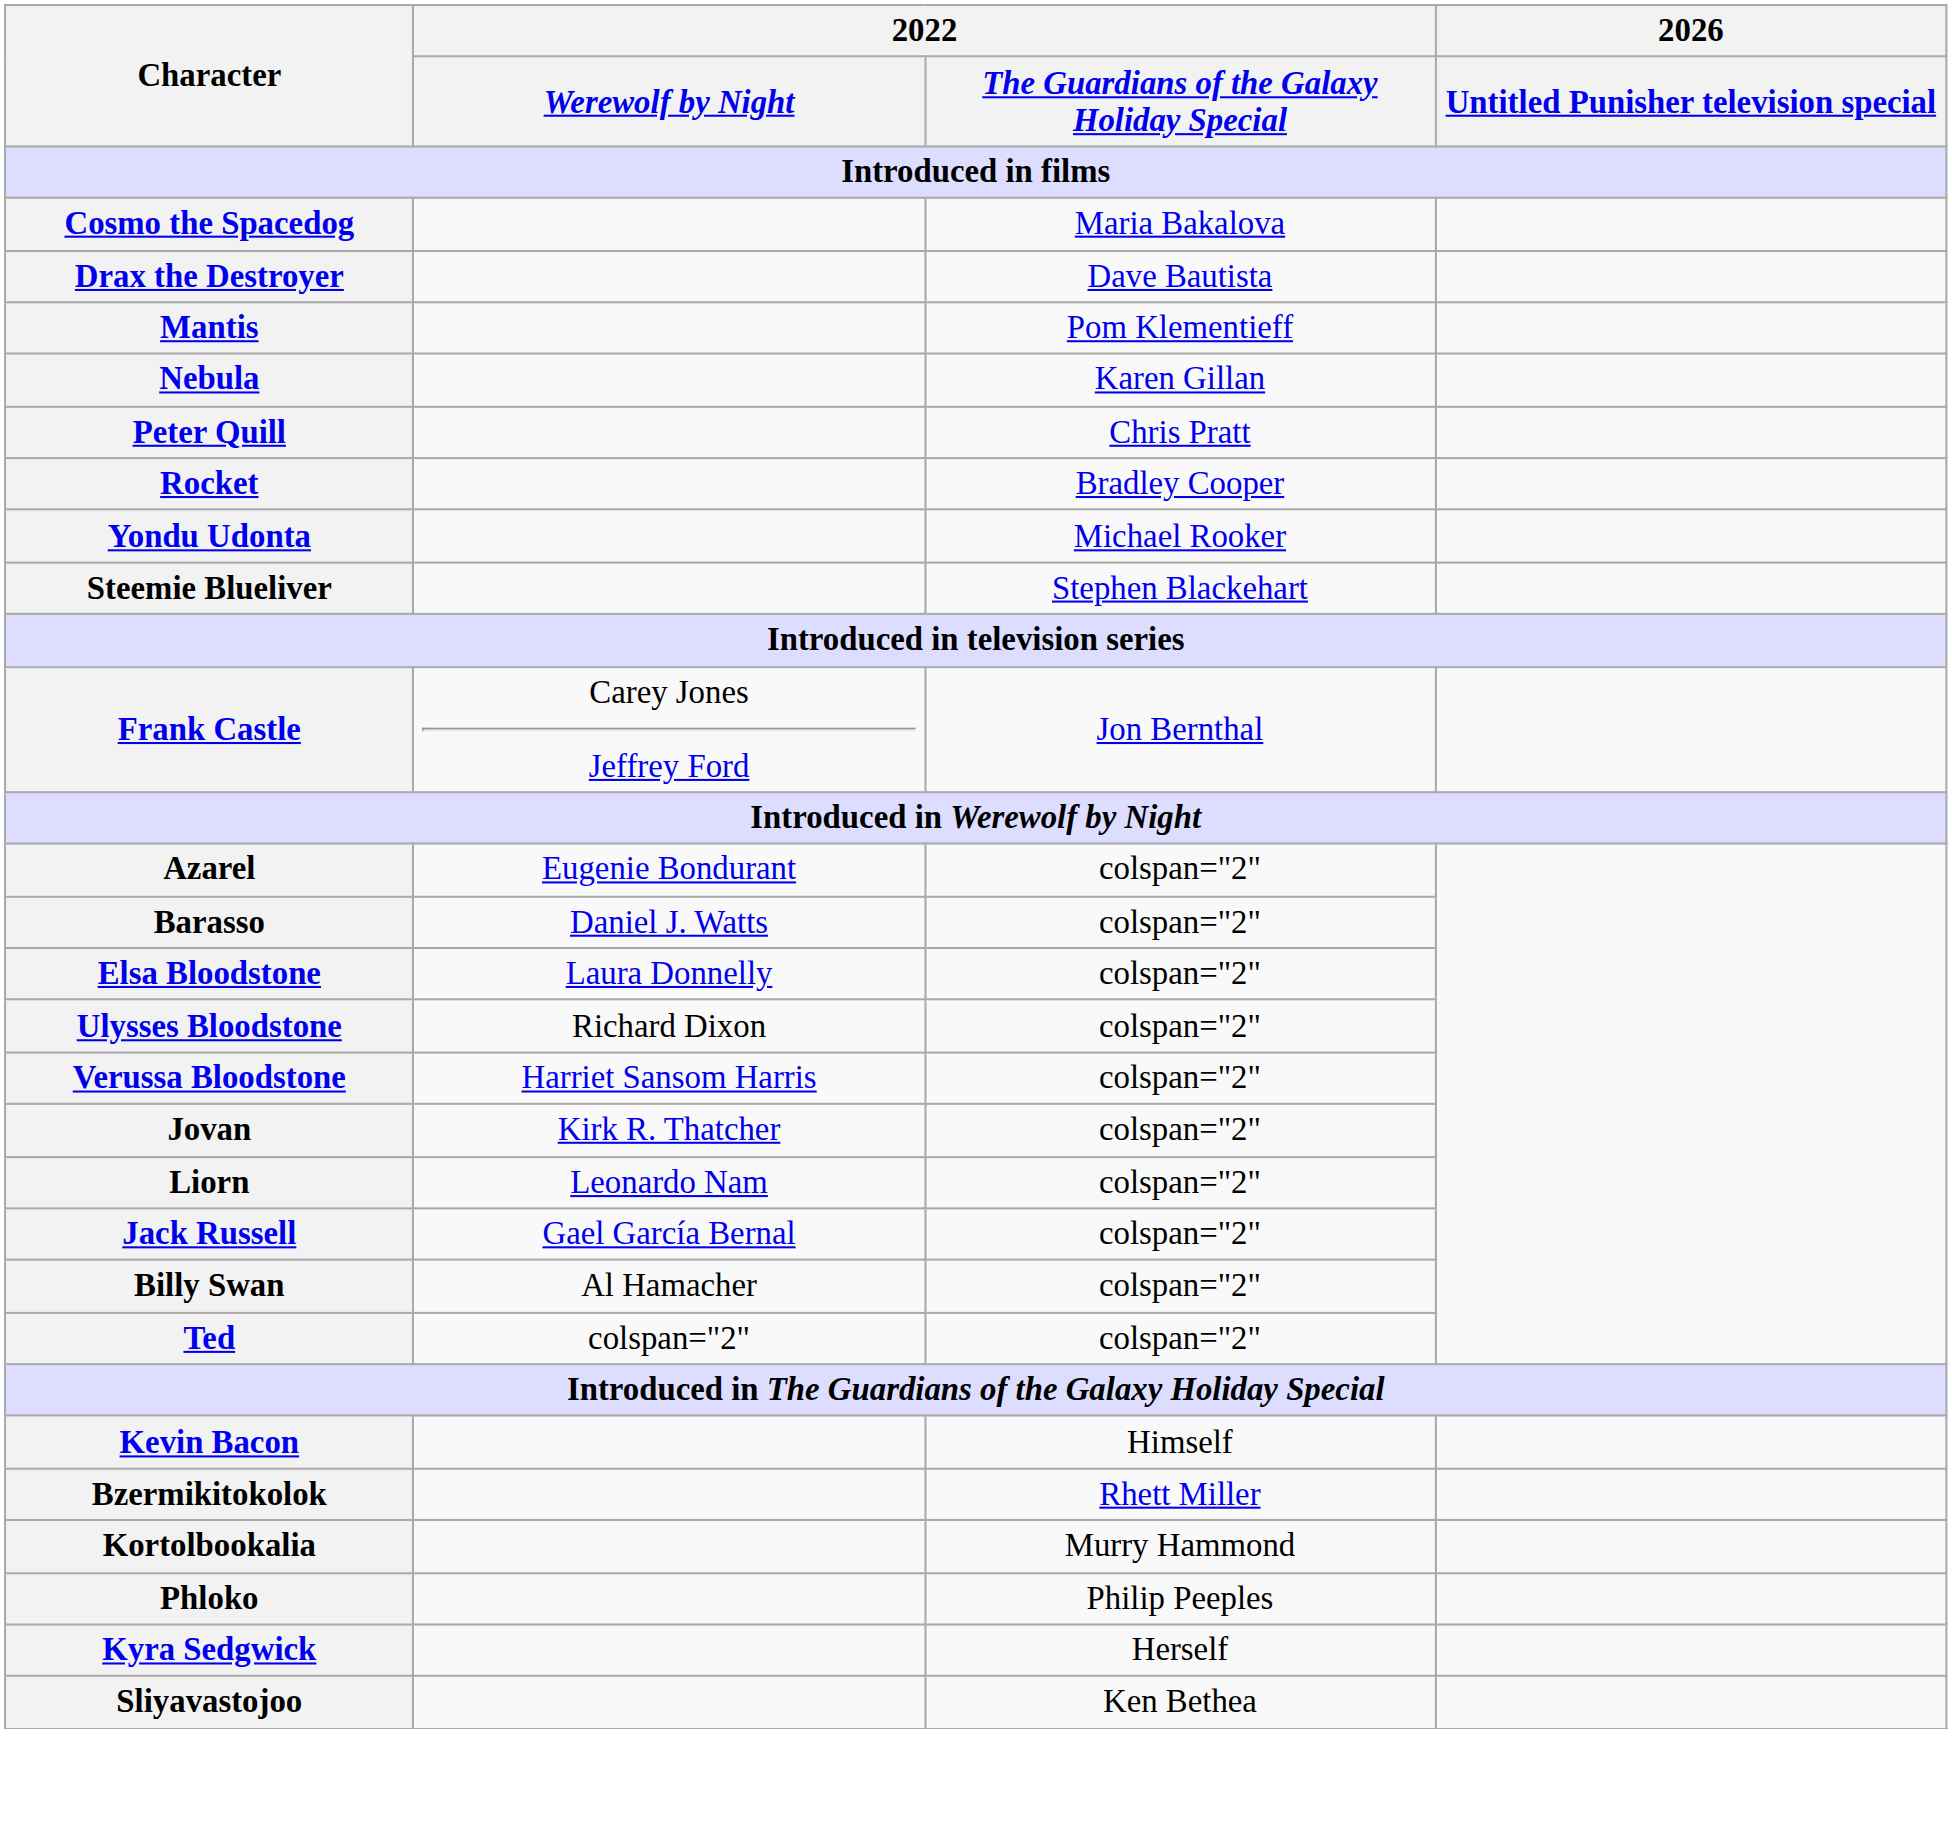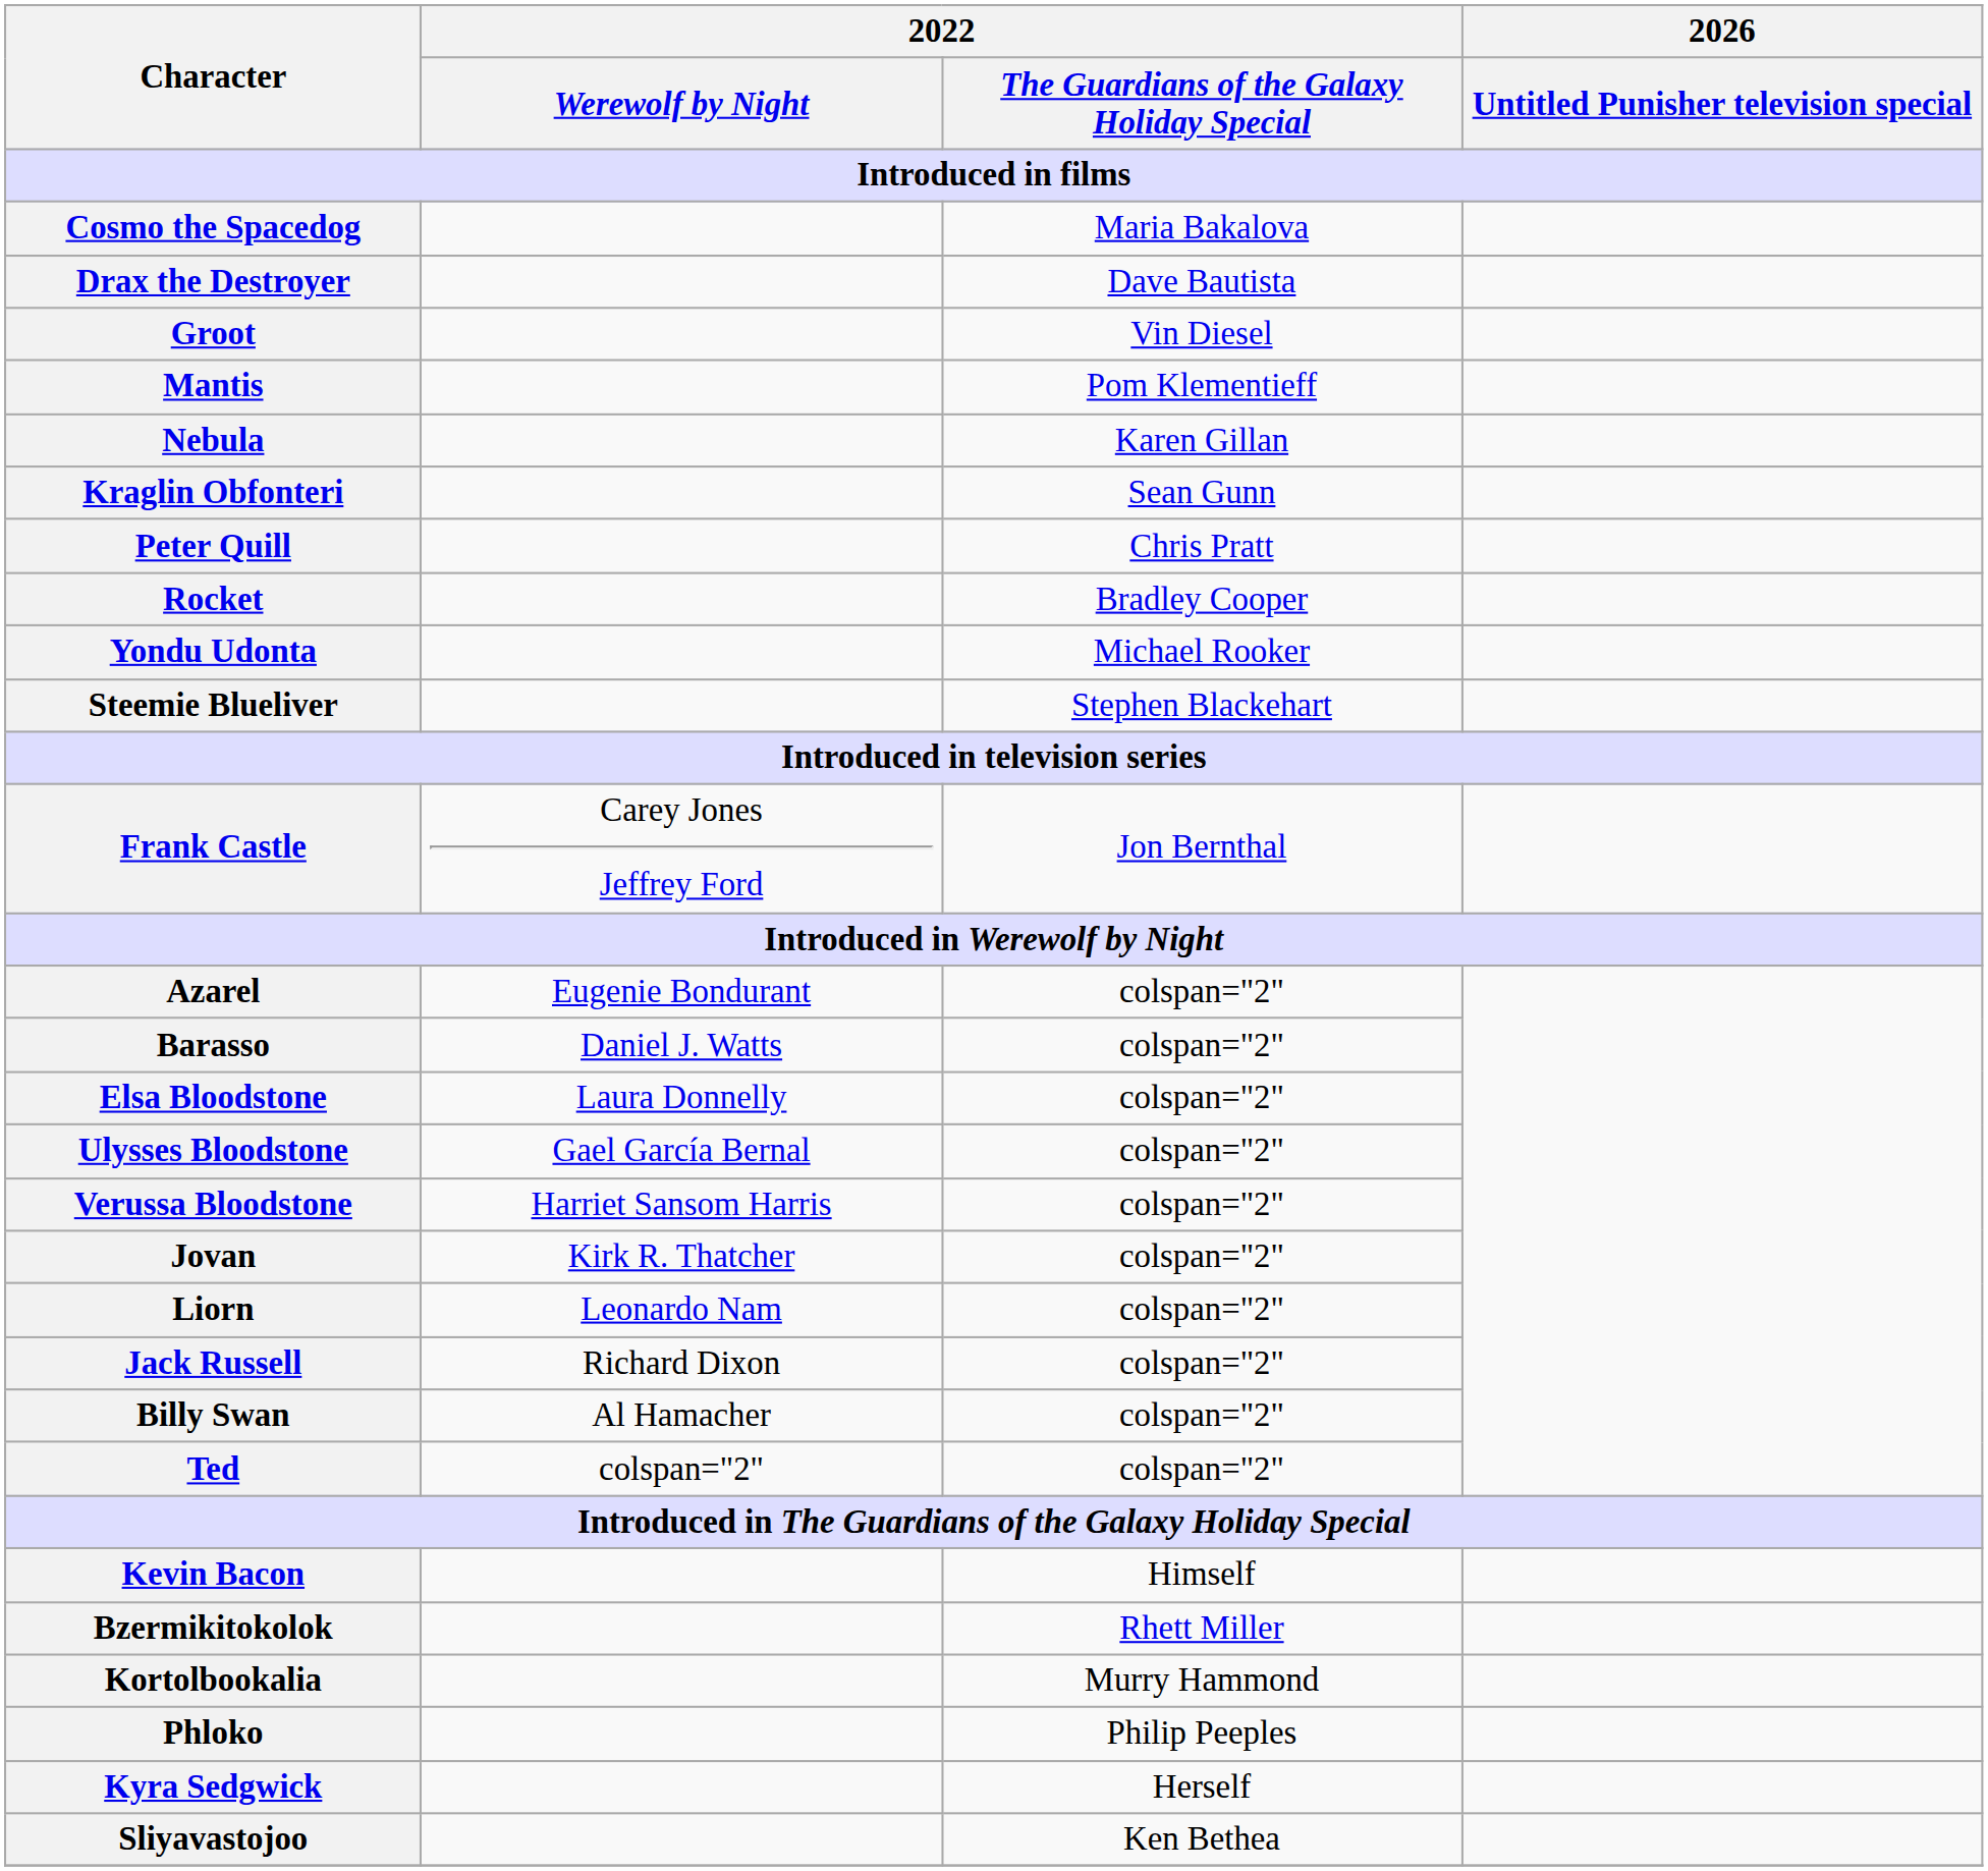 <table class="wikitable" style="text-align:center; width:75%;">
 <tr>
 <th rowspan="2" style="width:5%;">Character</th>
 <th colspan="2">2022</th>
 <th>2026<br></th>
 </tr>
 <tr>
 <th style="width:10%;"><em><a href='#'>Werewolf by Night</a></em></th>
 <th style="width:10%;"><em><a href='#'>The Guardians of the Galaxy Holiday Special</a></em></th>
 <th style="width:10%;"><a href='#'>Untitled Punisher television special</a></th>
 </tr>
 <tr>
 <th scope="row" colspan="4" style="background-color:#ddf;">Introduced in films</th>
 </tr>
 <tr>
 <th scope="row"><a href='#'>Cosmo the Spacedog</a></th>
 <td></td>
 <td><a href='#'>Maria Bakalova</a></td>
 <td></td>
 </tr>
 <tr>
 <th scope="row"><a href='#'>Drax the Destroyer</a></th>
 <td></td>
 <td><a href='#'>Dave Bautista</a></td>
 <td></td>
 </tr>
 <tr>
+<th scope="row"><a href='#'>Groot</a></th>
+<td></td>
+<td><a href='#'>Vin Diesel</a> </td>
+<td></td>
+</tr>
+<tr>
 <th scope="row"><a href='#'>Mantis</a></th>
 <td></td>
 <td><a href='#'>Pom Klementieff</a></td>
 <td></td>
 </tr>
 <tr>
 <th scope="row"><a href='#'>Nebula</a></th>
 <td></td>
 <td><a href='#'>Karen Gillan</a></td>
+<td></td>
+</tr>
+<tr>
+<th scope="row"><a href='#'>Kraglin Obfonteri</a></th>
+<td></td>
+<td><a href='#'>Sean Gunn</a></td>
 <td></td>
 </tr>
 <tr>
 <th scope="row"><a href='#'>Peter Quill<br></a></th>
 <td></td>
 <td><a href='#'>Chris Pratt</a></td>
 <td></td>
 </tr>
 <tr>
 <th scope="row"><a href='#'>Rocket</a></th>
 <td></td>
 <td><a href='#'>Bradley Cooper</a> </td>
 <td></td>
 </tr>
 <tr>
 <th scope="row"><a href='#'>Yondu Udonta</a></th>
 <td></td>
 <td><a href='#'>Michael Rooker</a></td>
 <td></td>
 </tr>
 <tr>
 <th scope="row">Steemie Blueliver</th>
 <td></td>
 <td><a href='#'>Stephen Blackehart</a></td>
 <td></td>
 </tr>
 <tr>
 <th scope="row" colspan="4" style="background-color:#ddf;">Introduced in television series</th>
 </tr>
 <tr>
 <th scope="row"><a href='#'>Frank Castle<br></a></th>
 <td>Carey Jones<hr><a href='#'>Jeffrey Ford</a></td>
 <td><a href='#'>Jon Bernthal</a></td>
 </tr>
 <tr>
 <th scope="row" colspan="4" style="background:#ddf;">Introduced in <em>Werewolf by Night</em></th>
 </tr>
 <tr>
 <th scope="row">Azarel</th>
 <td><a href='#'>Eugenie Bondurant</a></td>
 <td>colspan="2" </td>
 </tr>
 <tr>
 <th scope="row">Barasso</th>
 <td><a href='#'>Daniel J. Watts</a></td>
 <td>colspan="2" </td>
 </tr>
 <tr>
 <th scope="row"><a href='#'>Elsa Bloodstone</a></th>
 <td><a href='#'>Laura Donnelly</a></td>
 <td>colspan="2" </td>
 </tr>
 <tr>
 <th scope="row"><a href='#'>Ulysses Bloodstone</a></th>
-<td>Richard Dixon</td>
+<td><a href='#'>Gael García Bernal</a></td>
 <td>colspan="2" </td>
 </tr>
 <tr>
 <th scope="row"><a href='#'>Verussa Bloodstone</a></th>
 <td><a href='#'>Harriet Sansom Harris</a></td>
 <td>colspan="2" </td>
 </tr>
 <tr>
 <th scope="row">Jovan</th>
 <td><a href='#'>Kirk R. Thatcher</a></td>
 <td>colspan="2" </td>
 </tr>
 <tr>
 <th scope="row">Liorn</th>
 <td><a href='#'>Leonardo Nam</a></td>
 <td>colspan="2" </td>
 </tr>
 <tr>
 <th scope="row"><a href='#'>Jack Russell<br></a></th>
-<td><a href='#'>Gael García Bernal</a></td>
+<td>Richard Dixon</td>
 <td>colspan="2" </td>
 </tr>
 <tr>
 <th scope="row">Billy Swan</th>
 <td>Al Hamacher</td>
 <td>colspan="2" </td>
 </tr>
 <tr>
 <th scope="row"><a href='#'>Ted<br></a></th>
 <td>colspan="2" </td>
 <td>colspan="2" </td>
 </tr>
 <tr>
 <th scope="row" colspan="4" style="background-color:#ddf;">Introduced in <em>The Guardians of the Galaxy Holiday Special</em></th>
 </tr>
 <tr>
 <th scope="row"><a href='#'>Kevin Bacon</a></th>
 <td></td>
 <td>Himself</td>
 <td></td>
 </tr>
 <tr>
 <th scope="row">Bzermikitokolok</th>
 <td></td>
 <td><a href='#'>Rhett Miller</a></td>
 <td></td>
 </tr>
 <tr>
 <th scope="row">Kortolbookalia</th>
 <td></td>
 <td>Murry Hammond</td>
 <td></td>
 </tr>
 <tr>
 <th scope="row">Phloko</th>
 <td></td>
 <td>Philip Peeples</td>
 <td></td>
 </tr>
 <tr>
 <th scope="row"><a href='#'>Kyra Sedgwick</a></th>
 <td></td>
 <td>Herself </td>
 <td></td>
 </tr>
 <tr>
 <th scope="row">Sliyavastojoo</th>
 <td></td>
 <td>Ken Bethea</td>
 <td></td>
 </tr>
 <tr>
 </tr>
 </table>
